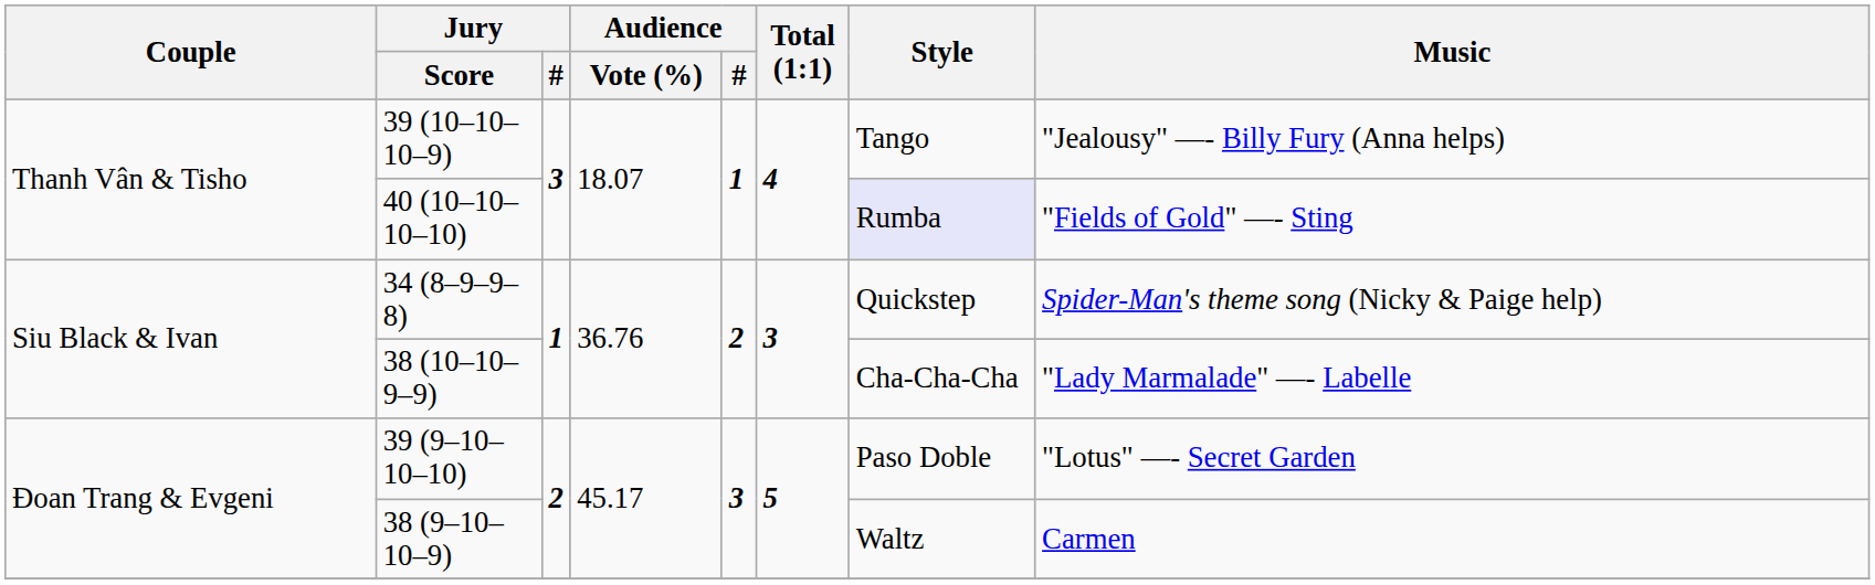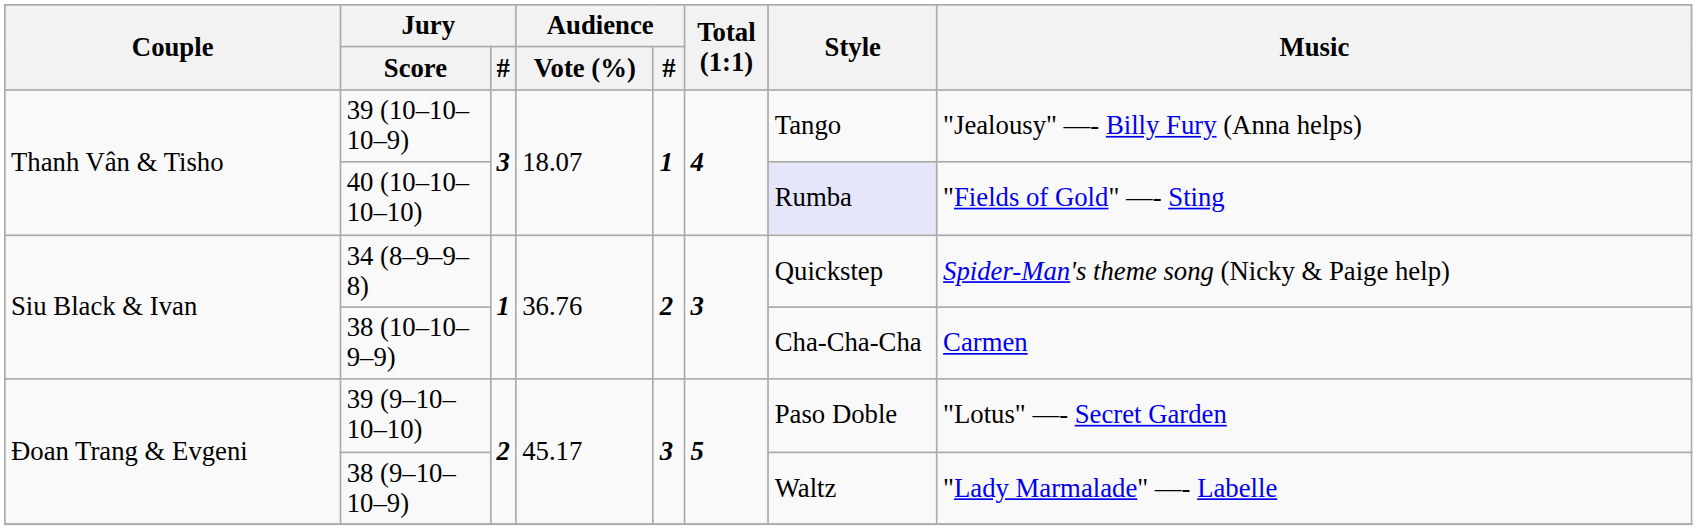 <table class="wikitable" style="width:80%;">
 <tr>
 <th rowspan=2 style="width:20%;">Couple</th>
 <th colspan=2 style="width:10%;">Jury</th>
 <th colspan=2 style="width:10%;">Audience</th>
 <th rowspan=2 style="width:5%;">Total<br> (1:1)</th>
 <th rowspan=2 style="width:10%;">Style</th>
 <th rowspan=2 style="width:45%;">Music</th>
 </tr>
 <tr>
 <th>Score</th>
 <th>#</th>
 <th>Vote (%)</th>
 <th>#</th>
 </tr>
 <tr>
 <td rowspan=2>Thanh Vân & Tisho</td>
 <td>39 (10–10–10–9)</td>
 <td rowspan=2><strong><em>3</em></strong></td>
 <td rowspan=2>18.07</td>
 <td rowspan=2><strong><em>1</em></strong></td>
 <td rowspan=2><strong><em>4</em></strong></td>
 <td>Tango</td>
 <td>"Jealousy" —- <a href='#'>Billy Fury</a> (Anna helps)</td>
 </tr>
 <tr>
 <td>40 (10–10–10–10)</td>
 <td style="background: lavender;">Rumba</td>
 <td>"<a href='#'>Fields of Gold</a>" —- <a href='#'>Sting</a></td>
 </tr>
 <tr>
 <td rowspan=2>Siu Black & Ivan</td>
 <td>34 (8–9–9–8)</td>
 <td rowspan=2><strong><em>1</em></strong></td>
 <td rowspan=2>36.76</td>
 <td rowspan=2><strong><em>2</em></strong></td>
 <td rowspan=2><strong><em>3</em></strong></td>
 <td>Quickstep</td>
 <td><em><a href='#'>Spider-Man</a>'s theme song</em> (Nicky & Paige help)</td>
 </tr>
 <tr>
 <td>38 (10–10–9–9)</td>
 <td>Cha-Cha-Cha</td>
-<td>"<a href='#'>Lady Marmalade</a>" —- <a href='#'>Labelle</a></td>
+<td><a href='#'>Carmen</a></td>
 </tr>
 <tr>
 <td rowspan=2>Đoan Trang & Evgeni</td>
 <td>39 (9–10–10–10)</td>
 <td rowspan=2><strong><em>2</em></strong></td>
 <td rowspan=2>45.17</td>
 <td rowspan=2><strong><em>3</em></strong></td>
 <td rowspan=2><strong><em>5</em></strong></td>
 <td>Paso Doble</td>
 <td>"Lotus" —- <a href='#'>Secret Garden</a></td>
 </tr>
 <tr>
 <td>38 (9–10–10–9)</td>
 <td>Waltz</td>
-<td><a href='#'>Carmen</a></td>
+<td>"<a href='#'>Lady Marmalade</a>" —- <a href='#'>Labelle</a></td>
 </tr>
 <tr>
 </tr>
 </table>
